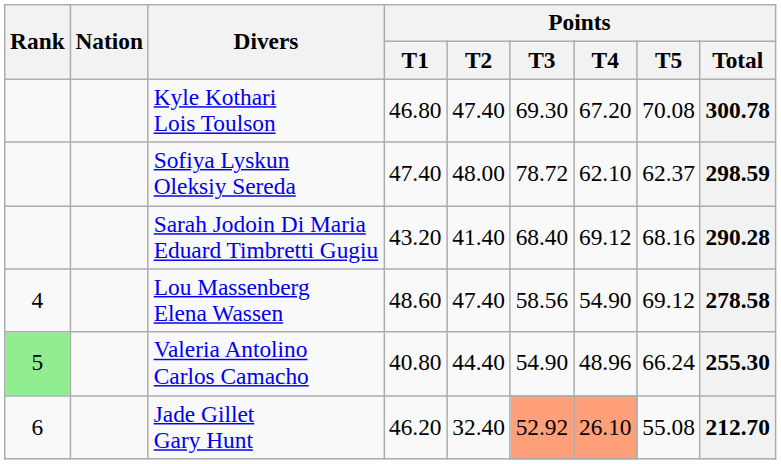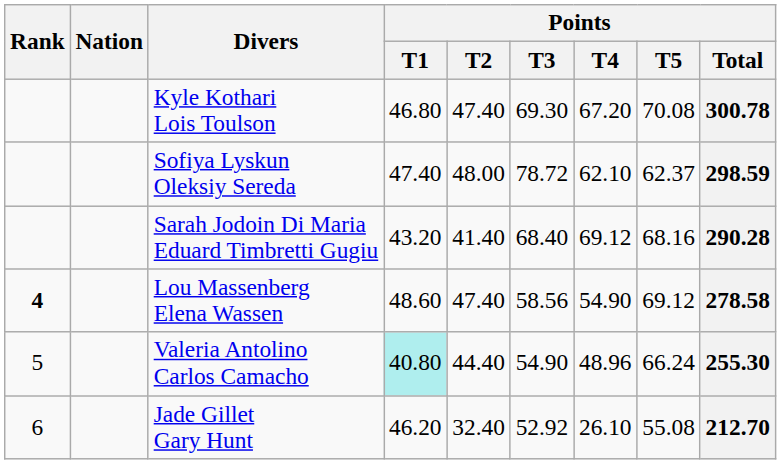 <table class="wikitable" style="text-align:center">
 <tr>
 <th rowspan=2>Rank</th>
 <th rowspan=2>Nation</th>
 <th rowspan=2>Divers</th>
 <th colspan=6>Points</th>
 </tr>
 <tr>
 <th>T1</th>
 <th>T2</th>
 <th>T3</th>
 <th>T4</th>
 <th>T5</th>
 <th>Total</th>
 </tr>
 <tr>
 <td></td>
 <td align=left></td>
 <td align=left><a href='#'>Kyle Kothari</a><br><a href='#'>Lois Toulson</a></td>
 <td>46.80</td>
 <td>47.40</td>
 <td>69.30</td>
 <td>67.20</td>
 <td>70.08</td>
 <th>300.78</th>
 </tr>
 <tr>
 <td></td>
 <td align=left></td>
 <td align=left><a href='#'>Sofiya Lyskun</a><br><a href='#'>Oleksiy Sereda</a></td>
 <td>47.40</td>
 <td>48.00</td>
 <td>78.72</td>
 <td>62.10</td>
 <td>62.37</td>
 <th>298.59</th>
 </tr>
 <tr>
 <td></td>
 <td align=left></td>
 <td align=left><a href='#'>Sarah Jodoin Di Maria</a><br><a href='#'>Eduard Timbretti Gugiu</a></td>
 <td>43.20</td>
 <td>41.40</td>
 <td>68.40</td>
 <td>69.12</td>
 <td>68.16</td>
 <th>290.28</th>
 </tr>
 <tr>
-<td>4</td>
+<td><strong>4</strong></td>
 <td align=left></td>
 <td align=left><a href='#'>Lou Massenberg</a><br><a href='#'>Elena Wassen</a></td>
 <td>48.60</td>
 <td>47.40</td>
 <td>58.56</td>
 <td>54.90</td>
 <td>69.12</td>
 <th>278.58</th>
 </tr>
 <tr>
-<td style="background: lightgreen;">5</td>
+<td>5</td>
 <td align=left></td>
 <td align=left><a href='#'>Valeria Antolino</a><br><a href='#'>Carlos Camacho</a></td>
-<td>40.80</td>
+<td style="background: paleturquoise;">40.80</td>
 <td>44.40</td>
 <td>54.90</td>
 <td>48.96</td>
 <td>66.24</td>
 <th>255.30</th>
 </tr>
 <tr>
 <td>6</td>
 <td align=left></td>
 <td align=left><a href='#'>Jade Gillet</a><br><a href='#'>Gary Hunt</a></td>
 <td>46.20</td>
 <td>32.40</td>
-<td style="background: lightsalmon;">52.92</td>
-<td style="background: lightsalmon;">26.10</td>
+<td>52.92</td>
+<td>26.10</td>
 <td>55.08</td>
 <th>212.70</th>
 </tr>
 </table>
